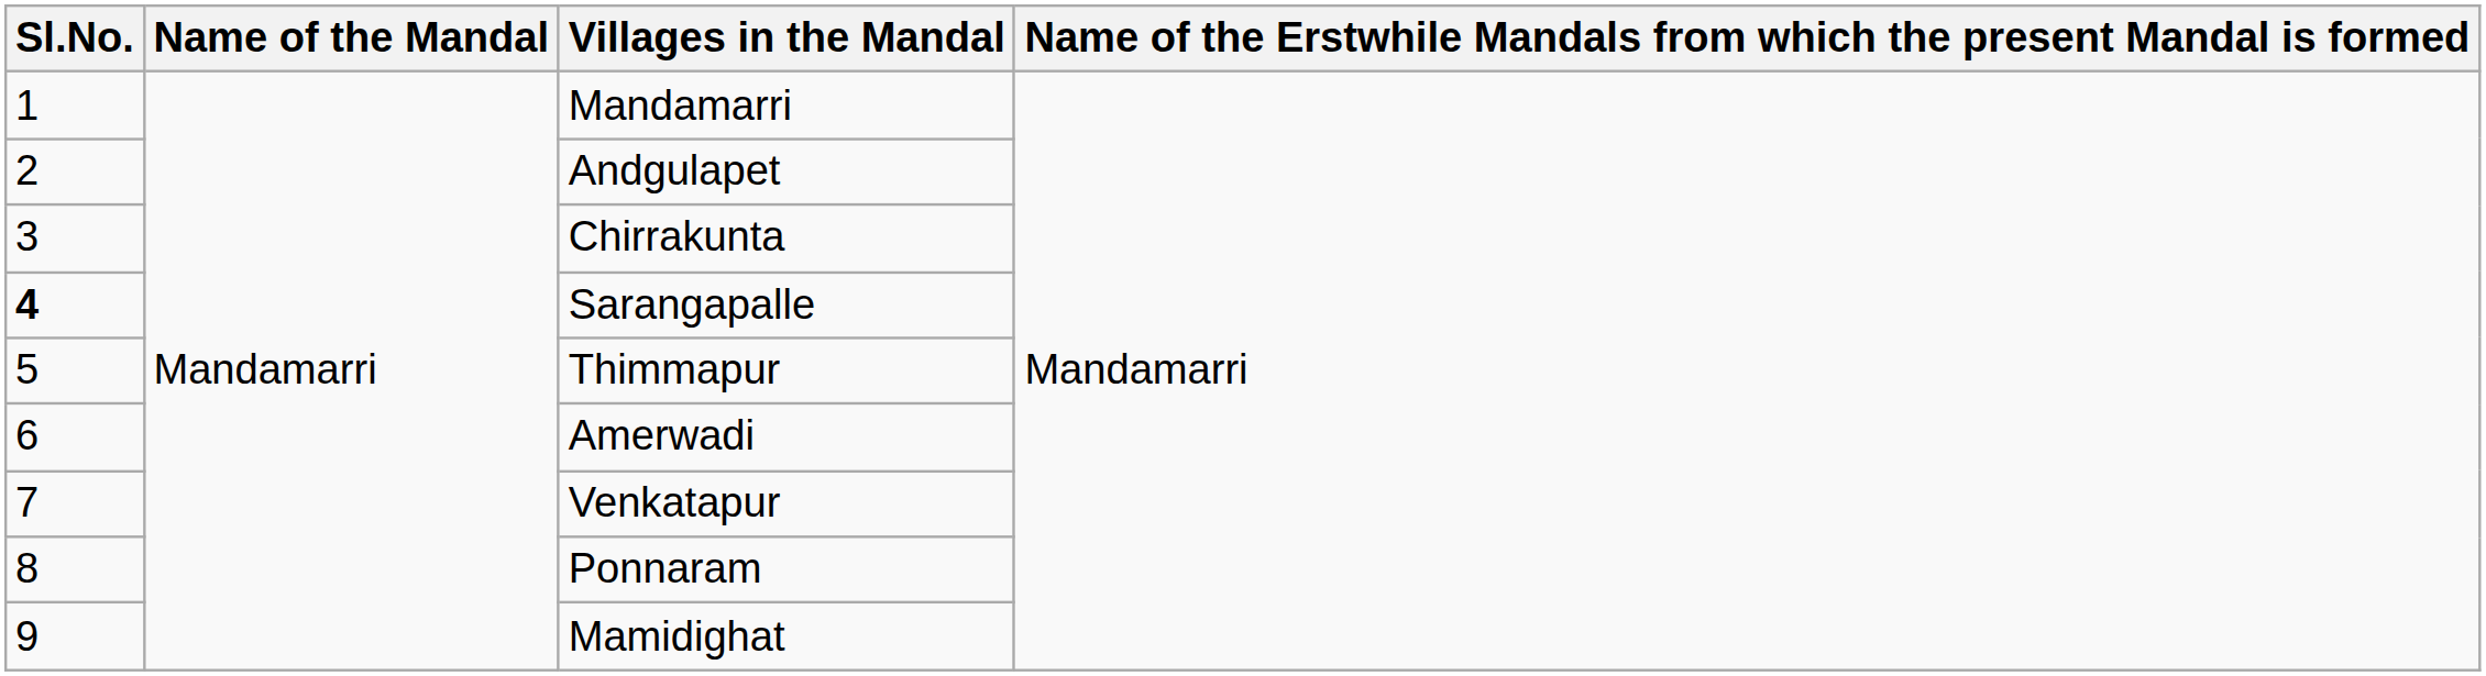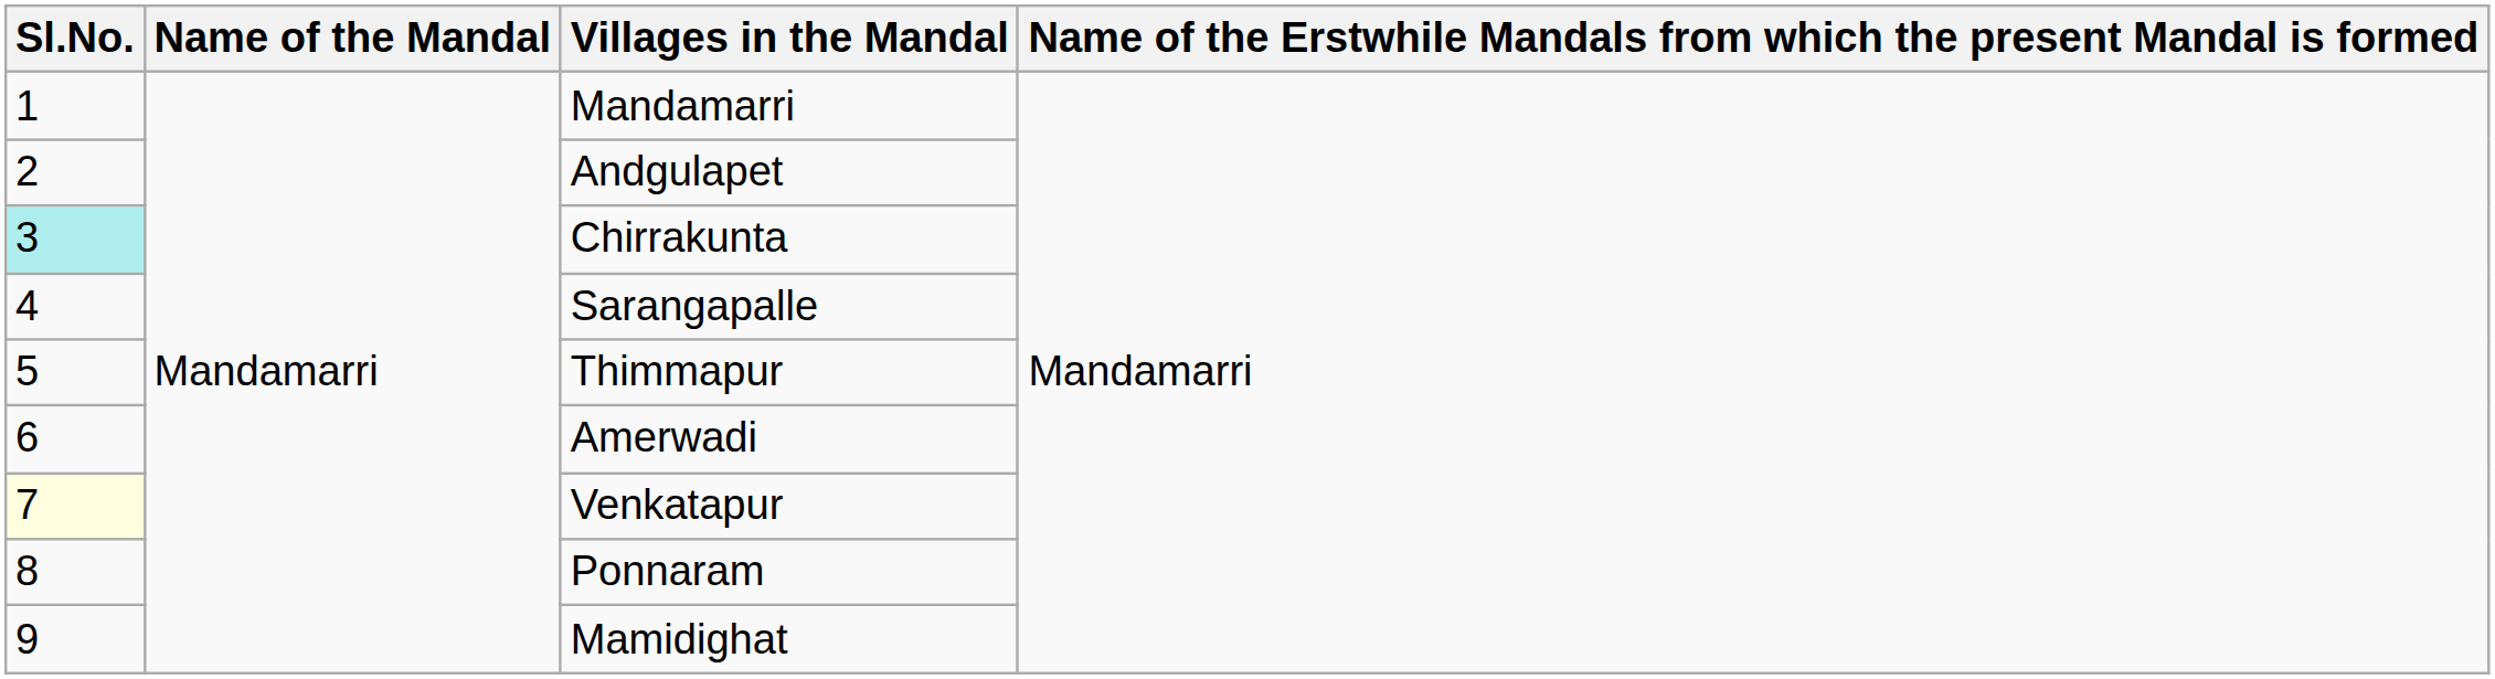 <table class="wikitable">
 <tr>
 <th>Sl.No.</th>
 <th>Name of the Mandal</th>
 <th>Villages in the Mandal</th>
 <th>Name of the Erstwhile Mandals from which the present Mandal is formed</th>
 </tr>
 <tr>
 <td>1</td>
 <td rowspan="9">Mandamarri</td>
 <td>Mandamarri</td>
 <td rowspan="9">Mandamarri</td>
 </tr>
 <tr>
 <td>2</td>
 <td>Andgulapet</td>
 </tr>
 <tr>
-<td>3</td>
+<td style="background: paleturquoise;">3</td>
 <td>Chirrakunta</td>
 </tr>
 <tr>
-<td><strong>4</strong></td>
+<td>4</td>
 <td>Sarangapalle</td>
 </tr>
 <tr>
 <td>5</td>
 <td>Thimmapur</td>
 </tr>
 <tr>
 <td>6</td>
 <td>Amerwadi</td>
 </tr>
 <tr>
-<td>7</td>
+<td style="background: lightyellow;">7</td>
 <td>Venkatapur</td>
 </tr>
 <tr>
 <td>8</td>
 <td>Ponnaram</td>
 </tr>
 <tr>
 <td>9</td>
 <td>Mamidighat</td>
 </tr>
 </table>
